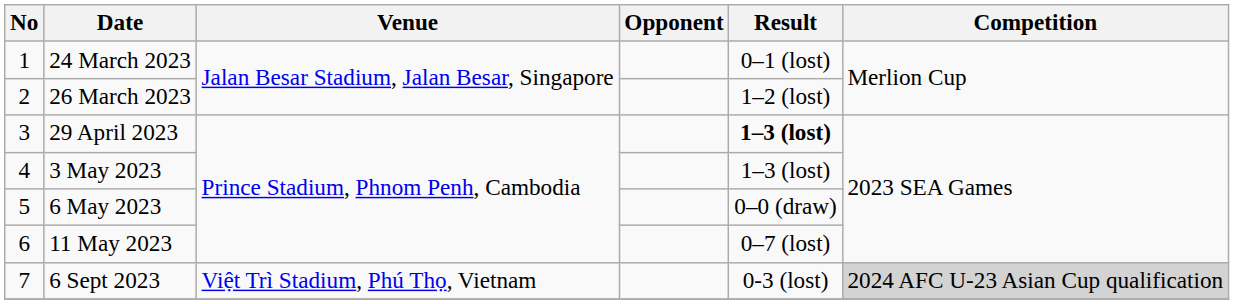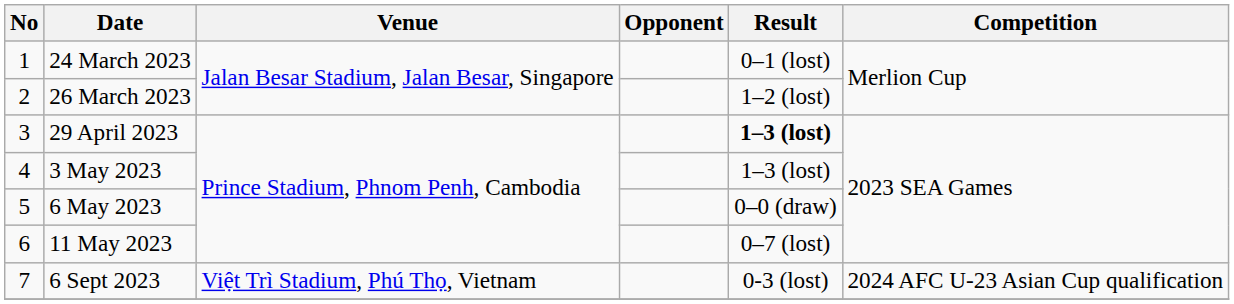 <table class="wikitable">
 <tr>
 <th>No</th>
 <th>Date</th>
 <th>Venue</th>
 <th>Opponent</th>
 <th>Result</th>
 <th>Competition</th>
 </tr>
 <tr>
 <td align="center">1</td>
 <td>24 March 2023</td>
 <td rowspan="2"><a href='#'>Jalan Besar Stadium</a>, <a href='#'>Jalan Besar</a>, Singapore</td>
 <td></td>
 <td align="center">0–1 (lost)</td>
 <td rowspan="2">Merlion Cup</td>
 </tr>
 <tr>
 <td align="center">2</td>
 <td>26 March 2023</td>
 <td></td>
 <td align="center">1–2 (lost)</td>
 </tr>
 <tr>
 <td align=center>3</td>
 <td>29 April 2023</td>
 <td rowspan="4"><a href='#'>Prince Stadium</a>, <a href='#'>Phnom Penh</a>, Cambodia</td>
 <td></td>
 <td align=center><strong>1–3 (lost)</strong></td>
 <td rowspan="4">2023 SEA Games</td>
 </tr>
 <tr>
 <td align=center>4</td>
 <td>3 May 2023</td>
 <td></td>
 <td align=center>1–3 (lost)</td>
 </tr>
 <tr>
 <td align=center>5</td>
 <td>6 May 2023</td>
 <td></td>
 <td align=center>0–0 (draw)</td>
 </tr>
 <tr>
 <td align=center>6</td>
 <td>11 May 2023</td>
 <td></td>
 <td align=center>0–7 (lost)</td>
 </tr>
 <tr>
 <td align=center>7</td>
 <td>6 Sept 2023</td>
 <td><a href='#'>Việt Trì Stadium</a>, <a href='#'>Phú Thọ</a>, Vietnam</td>
 <td></td>
 <td align=center>0-3 (lost)</td>
-<td style="background: lightgrey;">2024 AFC U-23 Asian Cup qualification</td>
+<td>2024 AFC U-23 Asian Cup qualification</td>
 </tr>
 <tr>
 </tr>
 </table>
